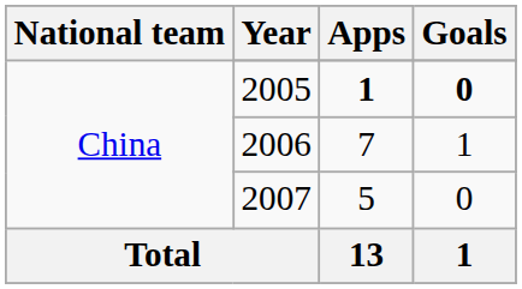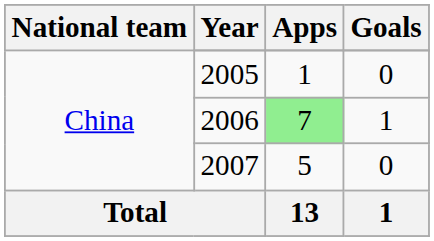 <table class="wikitable" style="text-align:center">
 <tr>
 <th>National team</th>
 <th>Year</th>
 <th>Apps</th>
 <th>Goals</th>
 </tr>
 <tr>
 <td rowspan="4"><a href='#'>China</a></td>
 </tr>
 <tr>
 <td>2005</td>
-<td><strong>1</strong></td>
-<td><strong>0</strong></td>
+<td>1</td>
+<td>0</td>
 </tr>
 <tr>
 <td>2006</td>
-<td>7</td>
+<td style="background: lightgreen;">7</td>
 <td>1</td>
 </tr>
 <tr>
 <td>2007</td>
 <td>5</td>
 <td>0</td>
 </tr>
 <tr>
 <th colspan="2">Total</th>
 <th>13</th>
 <th>1</th>
 </tr>
 </table>
